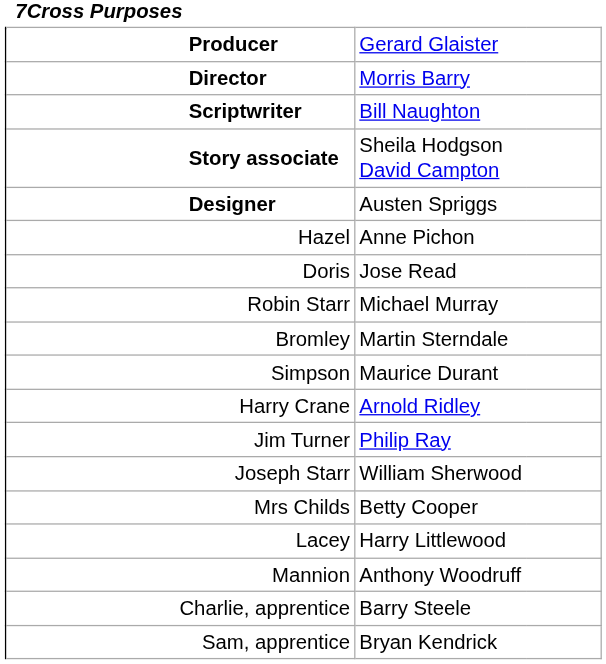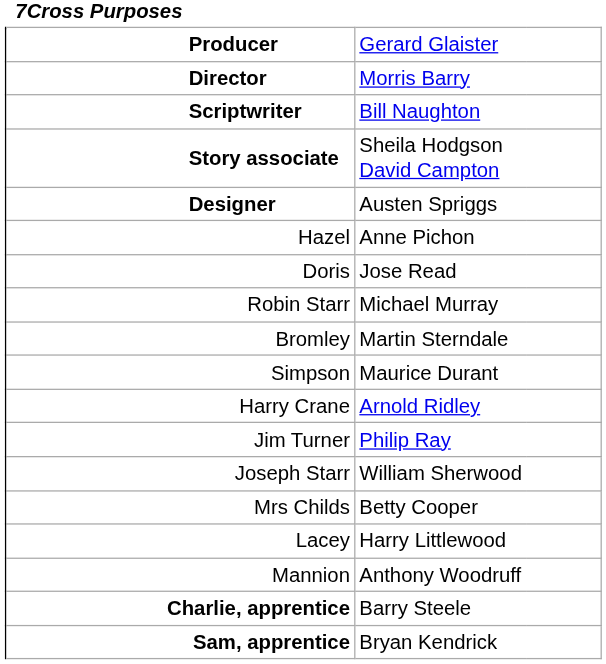 <table class="wikitable mw-collapsible mw-collapsed" style="vertical-align:top;margin:auto 2em;line-height:1.2;min-width:33em;display: inline-table;background-color:inherit;border:none;">
 <tr>
 <td class=unsortable style="border:hidden;line-height:1.67;text-align:center;margin-left:-1em;padding-left:0.5em;min-width:1.0em;"></td>
 <td class=unsortable style="border:none;padding-left:0.5em;text-align:left;min-width:16.5em;font-weight:700;font-style:italic;">7Cross Purposes</td>
 <td class=unsortable style="border:none;text-align:right;font-weight:normal;font-family:Courier;font-size:95%;letter-spacing:-1pt;min-width:8.5em;padding-right:0.2em;"></td>
 <td class=unsortable style="border:hidden;min-width:3.5em;padding-left:0;"></td>
 <td class=unsortable style="border:hidden;min-width:3.5em;font-size:95%;"></td>
 </tr>
 <tr>
 <td rowspan=100 style="border:none thin;border-right-style :solid;"></td>
 </tr>
 <tr>
 <td style="text-align:left;padding-left:9.0em;font-weight:bold;">Producer</td>
 <td colspan=2><a href='#'>Gerard Glaister</a></td>
 </tr>
 <tr>
 <td style="text-align:left;padding-left:9.0em;font-weight:bold;">Director</td>
 <td colspan=2><a href='#'>Morris Barry</a></td>
 </tr>
 <tr>
 <td style="text-align:left;padding-left:9.0em;font-weight:bold;">Scriptwriter</td>
 <td colspan=2><a href='#'>Bill Naughton</a></td>
 </tr>
 <tr>
 <td style="text-align:left;padding-left:9.0em;font-weight:bold;">Story associate</td>
 <td colspan=2>Sheila Hodgson<br><a href='#'>David Campton</a></td>
 </tr>
 <tr>
 <td style="text-align:left;padding-left:9.0em;font-weight:bold;">Designer</td>
 <td colspan=2>Austen Spriggs</td>
 </tr>
 <tr>
 <td style="text-align:right;">Hazel</td>
 <td colspan=2>Anne Pichon</td>
 </tr>
 <tr>
 <td style="text-align:right;">Doris</td>
 <td colspan=2>Jose Read</td>
 </tr>
 <tr>
 <td style="text-align:right;">Robin Starr</td>
 <td colspan=2>Michael Murray</td>
 </tr>
 <tr>
 <td style="text-align:right;">Bromley</td>
 <td colspan=2>Martin Sterndale</td>
 </tr>
 <tr>
 <td style="text-align:right;">Simpson</td>
 <td colspan=2>Maurice Durant</td>
 </tr>
 <tr>
 <td style="text-align:right;">Harry Crane</td>
 <td colspan=2><a href='#'>Arnold Ridley</a></td>
 </tr>
 <tr>
 <td style="text-align:right;">Jim Turner</td>
 <td colspan=2><a href='#'>Philip Ray</a></td>
 </tr>
 <tr>
 <td style="text-align:right;">Joseph Starr</td>
 <td colspan=2>William Sherwood</td>
 </tr>
 <tr>
 <td style="text-align:right;">Mrs Childs</td>
 <td colspan=2>Betty Cooper</td>
 </tr>
 <tr>
 <td style="text-align:right;">Lacey</td>
 <td colspan=2>Harry Littlewood</td>
 </tr>
 <tr>
 <td style="text-align:right;">Mannion</td>
 <td colspan=2>Anthony Woodruff</td>
 </tr>
 <tr>
-<td style="text-align:right;">Charlie, apprentice</td>
+<td style="text-align:right;"><strong>Charlie, apprentice</strong></td>
 <td colspan=2>Barry Steele</td>
 </tr>
 <tr>
-<td style="text-align:right;">Sam, apprentice</td>
+<td style="text-align:right;"><strong>Sam, apprentice</strong></td>
 <td colspan=2>Bryan Kendrick</td>
 </tr>
 </table>
